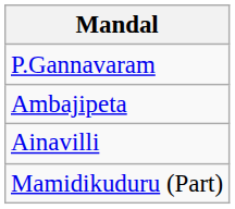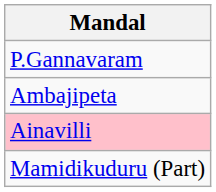 <table class="wikitable sortable static-row-numbers static-row-header-hash">
 <tr>
 <th>Mandal</th>
 </tr>
 <tr>
 <td><a href='#'>P.Gannavaram</a></td>
 </tr>
 <tr>
 <td><a href='#'>Ambajipeta</a></td>
 </tr>
 <tr>
-<td><a href='#'>Ainavilli</a></td>
+<td style="background: pink;"><a href='#'>Ainavilli</a></td>
 </tr>
 <tr>
 <td><a href='#'>Mamidikuduru</a> (Part)</td>
 </tr>
 </table>
